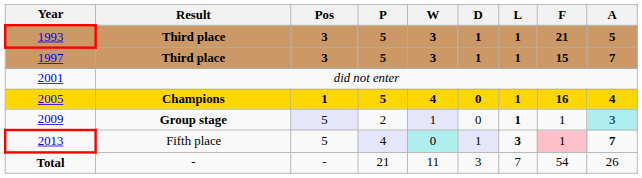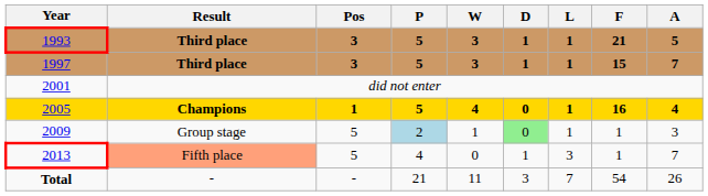 <table class="wikitable" style="width:50%; text-align:center;">
 <tr>
 <th>Year</th>
 <th>Result</th>
 <th>Pos</th>
 <th>P</th>
 <th>W</th>
 <th>D</th>
 <th>L</th>
 <th>F</th>
 <th>A</th>
 </tr>
 <tr style="background:#c96;">
 <td style="border: 3px solid red"> <a href='#'>1993</a></td>
 <td><strong>Third place</strong></td>
 <td><strong>3</strong></td>
 <td><strong>5</strong></td>
 <td><strong>3</strong></td>
 <td><strong>1</strong></td>
 <td><strong>1</strong></td>
 <td><strong>21</strong></td>
 <td><strong>5</strong></td>
 </tr>
 <tr style="background:#c96;">
 <td> <a href='#'>1997</a></td>
 <td><strong>Third place</strong></td>
 <td><strong>3</strong></td>
 <td><strong>5</strong></td>
 <td><strong>3</strong></td>
 <td><strong>1</strong></td>
 <td><strong>1</strong></td>
 <td><strong>15</strong></td>
 <td><strong>7</strong></td>
 </tr>
 <tr>
 <td> <a href='#'>2001</a></td>
 <td colspan=8><em>did not enter</em></td>
 </tr>
 <tr style="background:gold;">
 <td> <a href='#'>2005</a></td>
 <td><strong>Champions</strong></td>
 <td><strong>1</strong></td>
 <td><strong>5</strong></td>
 <td><strong>4</strong></td>
 <td><strong>0</strong></td>
 <td><strong>1</strong></td>
 <td><strong>16</strong></td>
 <td><strong>4</strong></td>
 </tr>
 <tr>
 <td> <a href='#'>2009</a></td>
-<td><strong>Group stage</strong></td>
-<td style="background: lavender;">5</td>
-<td>2</td>
-<td style="background: lavender;">1</td>
-<td>0</td>
-<td><strong>1</strong></td>
+<td>Group stage</td>
+<td>5</td>
+<td style="background: lightblue;">2</td>
 <td>1</td>
-<td style="background: paleturquoise;">3</td>
+<td style="background: lightgreen;">0</td>
+<td>1</td>
+<td>1</td>
+<td>3</td>
 </tr>
 <tr>
 <td style="border: 3px solid red"> <a href='#'>2013</a></td>
-<td>Fifth place</td>
+<td style="background: lightsalmon;">Fifth place</td>
 <td>5</td>
-<td style="background: lavender;">4</td>
-<td style="background: paleturquoise;">0</td>
-<td style="background: lavender;">1</td>
-<td><strong>3</strong></td>
-<td style="background: pink;">1</td>
-<td><strong>7</strong></td>
+<td>4</td>
+<td>0</td>
+<td>1</td>
+<td>3</td>
+<td>1</td>
+<td>7</td>
 </tr>
 <tr>
 <td><strong>Total</strong></td>
 <td>-</td>
 <td>-</td>
 <td>21</td>
 <td>11</td>
 <td>3</td>
 <td>7</td>
 <td>54</td>
 <td>26</td>
 </tr>
 </table>
